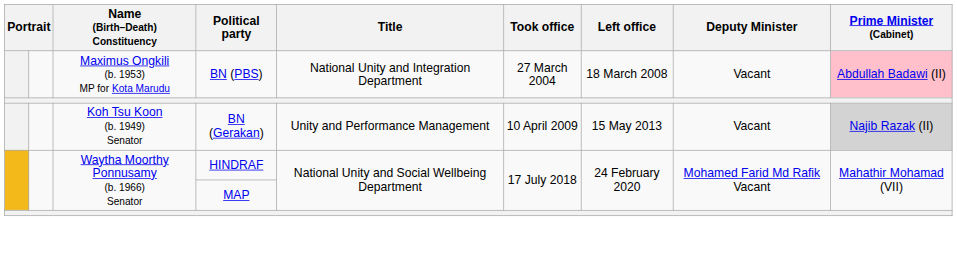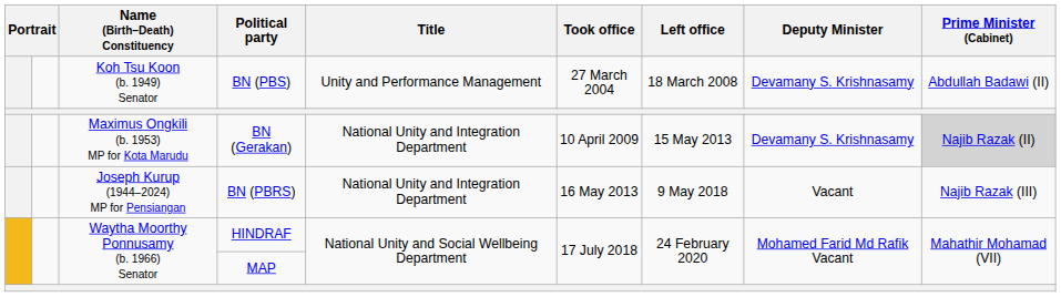 <table class="wikitable" style="text-align:center;">
 <tr>
 <th colspan=2>Portrait</th>
 <th>Name<br><small>(Birth–Death)<br>Constituency</small></th>
 <th>Political party</th>
 <th>Title</th>
 <th>Took office</th>
 <th>Left office</th>
 <th>Deputy Minister</th>
 <th><a href='#'>Prime Minister</a><br><small>(Cabinet)</small></th>
 </tr>
 <tr>
 <th style="background:"></th>
 <td></td>
-<td><a href='#'>Maximus Ongkili</a><br><small>(b. 1953)<br>MP for <a href='#'>Kota Marudu</a></small></td>
+<td><a href='#'>Koh Tsu Koon</a><br><small>(b. 1949)<br>Senator</small></td>
 <td><a href='#'>BN</a> (<a href='#'>PBS</a>)</td>
-<td>National Unity and Integration Department</td>
+<td>Unity and Performance Management</td>
 <td>27 March 2004</td>
 <td>18 March 2008</td>
-<td>Vacant</td>
-<td style="background: pink;"><a href='#'>Abdullah Badawi</a> (II)</td>
+<td><a href='#'>Devamany S. Krishnasamy</a></td>
+<td><a href='#'>Abdullah Badawi</a> (II)</td>
 </tr>
 <tr>
 <th colspan="9" bgcolor="cccccc"></th>
 </tr>
 <tr>
 <th style="background:"></th>
 <td></td>
-<td><a href='#'>Koh Tsu Koon</a><br><small>(b. 1949)<br>Senator</small></td>
+<td><a href='#'>Maximus Ongkili</a><br><small>(b. 1953)<br>MP for <a href='#'>Kota Marudu</a></small></td>
 <td><a href='#'>BN</a> (<a href='#'>Gerakan</a>)</td>
-<td>Unity and Performance Management</td>
+<td>National Unity and Integration Department</td>
 <td>10 April 2009</td>
 <td>15 May 2013</td>
+<td><a href='#'>Devamany S. Krishnasamy</a></td>
+<td style="background: lightgrey;"><a href='#'>Najib Razak</a> (II)</td>
+</tr>
+<tr>
+<th style="background:"></th>
+<td></td>
+<td><a href='#'>Joseph Kurup</a><br><small>(1944–2024)<br>MP for <a href='#'>Pensiangan</a></small></td>
+<td><a href='#'>BN</a> (<a href='#'>PBRS</a>)</td>
+<td>National Unity and Integration Department</td>
+<td>16 May 2013</td>
+<td>9 May 2018</td>
 <td>Vacant</td>
-<td style="background: lightgrey;"><a href='#'>Najib Razak</a> (II)</td>
+<td><a href='#'>Najib Razak</a> (III)</td>
 </tr>
 <tr>
 <th rowspan=2 style="background:#F3B81A;"></th>
 <td rowspan=2></td>
 <td rowspan=2><a href='#'>Waytha Moorthy Ponnusamy</a><br><small>(b. 1966)<br>Senator</small></td>
 <td><a href='#'>HINDRAF</a></td>
 <td rowspan=2>National Unity and Social Wellbeing Department</td>
 <td rowspan=2>17 July 2018</td>
 <td rowspan=2>24 February 2020</td>
 <td rowspan="2"><a href='#'>Mohamed Farid Md Rafik</a>  Vacant </td>
 <td rowspan="2"><a href='#'>Mahathir Mohamad</a> (VII)</td>
 </tr>
 <tr>
 <td><a href='#'>MAP</a></td>
 </tr>
 <tr>
 <th colspan="9" bgcolor="cccccc"></th>
 </tr>
 </table>
